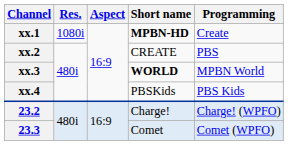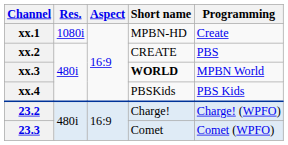 <table class="wikitable">
 <tr>
 <th scope = "col"><a href='#'>Channel</a></th>
 <th scope = "col"><a href='#'>Res.</a></th>
 <th scope = "col"><a href='#'>Aspect</a></th>
 <th scope = "col">Short name</th>
 <th scope = "col">Programming</th>
 </tr>
 <tr>
 <th scope = "row">xx.1</th>
 <td><a href='#'>1080i</a></td>
 <td rowspan="4"><a href='#'>16:9</a></td>
-<td><strong>MPBN-HD</strong></td>
+<td>MPBN-HD</td>
 <td><a href='#'>Create</a></td>
 </tr>
 <tr>
 <th scope = "row">xx.2</th>
 <td rowspan="3"><a href='#'>480i</a></td>
 <td>CREATE</td>
 <td><a href='#'>PBS</a></td>
 </tr>
 <tr>
 <th scope = "row">xx.3</th>
 <td><strong>WORLD</strong></td>
 <td><a href='#'>MPBN World</a></td>
 </tr>
 <tr>
 <th scope = "row">xx.4</th>
 <td>PBSKids</td>
 <td><a href='#'>PBS Kids</a></td>
 </tr>
 <tr style="background-color:#DFEBF6; border-top: 2px solid #003399;">
 <th scope = "row"><a href='#'>23.2</a></th>
 <td rowspan=2>480i</td>
 <td rowspan=2>16:9</td>
 <td>Charge!</td>
 <td><a href='#'>Charge!</a> (<a href='#'>WPFO</a>)</td>
 </tr>
 <tr style="background-color:#DFEBF6;">
 <th scope = "row"><a href='#'>23.3</a></th>
 <td>Comet</td>
 <td><a href='#'>Comet</a> (<a href='#'>WPFO</a>)</td>
 </tr>
 </table>
